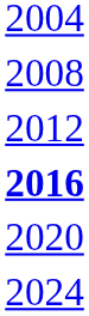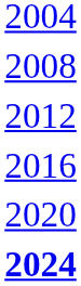 <table>
 <tr>
 <td><a href='#'>2004</a></td>
 <td></td>
 <td></td>
 <td></td>
 </tr>
 <tr>
 <td><a href='#'>2008</a></td>
 <td></td>
 <td></td>
 <td></td>
 </tr>
 <tr>
 <td><a href='#'>2012</a></td>
 <td></td>
 <td></td>
 <td></td>
 </tr>
 <tr>
-<td><strong><a href='#'>2016</a></strong></td>
+<td><a href='#'>2016</a></td>
 <td></td>
 <td></td>
 <td></td>
 </tr>
 <tr>
 <td><a href='#'>2020</a></td>
 <td></td>
 <td></td>
 <td></td>
 </tr>
 <tr>
-<td><a href='#'>2024</a></td>
+<td><strong><a href='#'>2024</a></strong></td>
 <td></td>
 <td></td>
 <td></td>
 </tr>
 </table>
